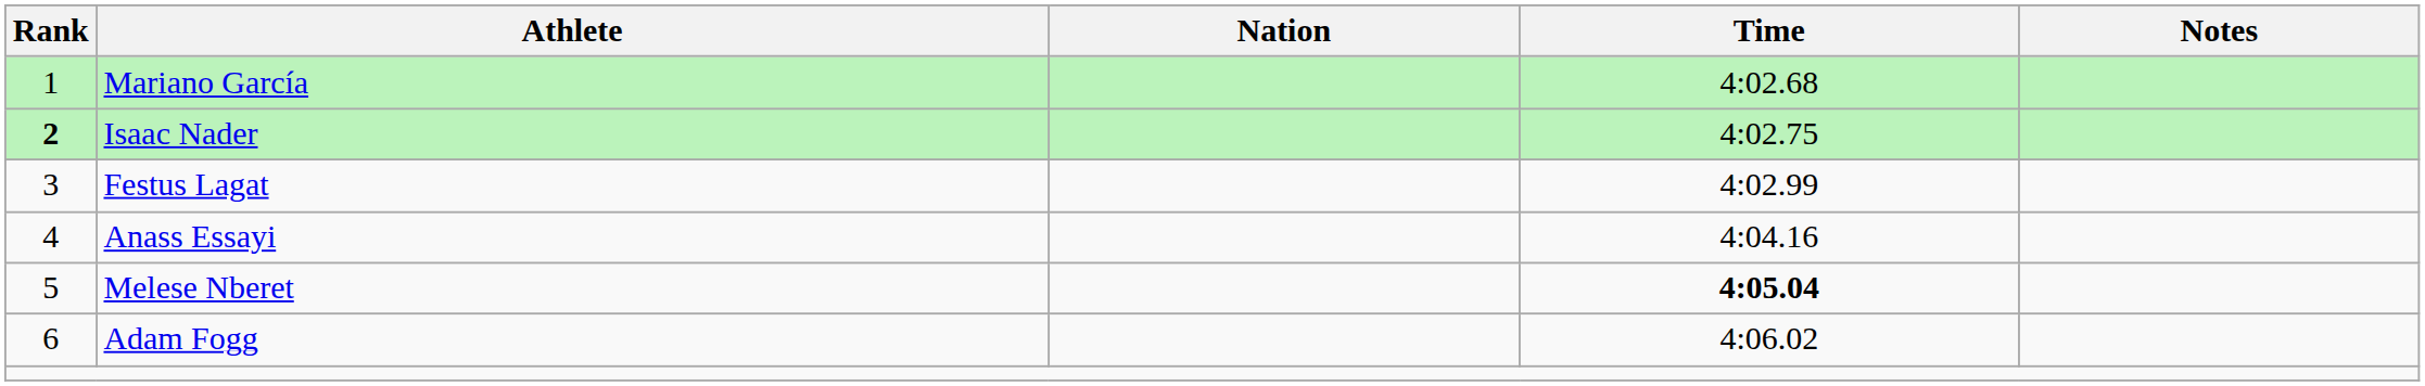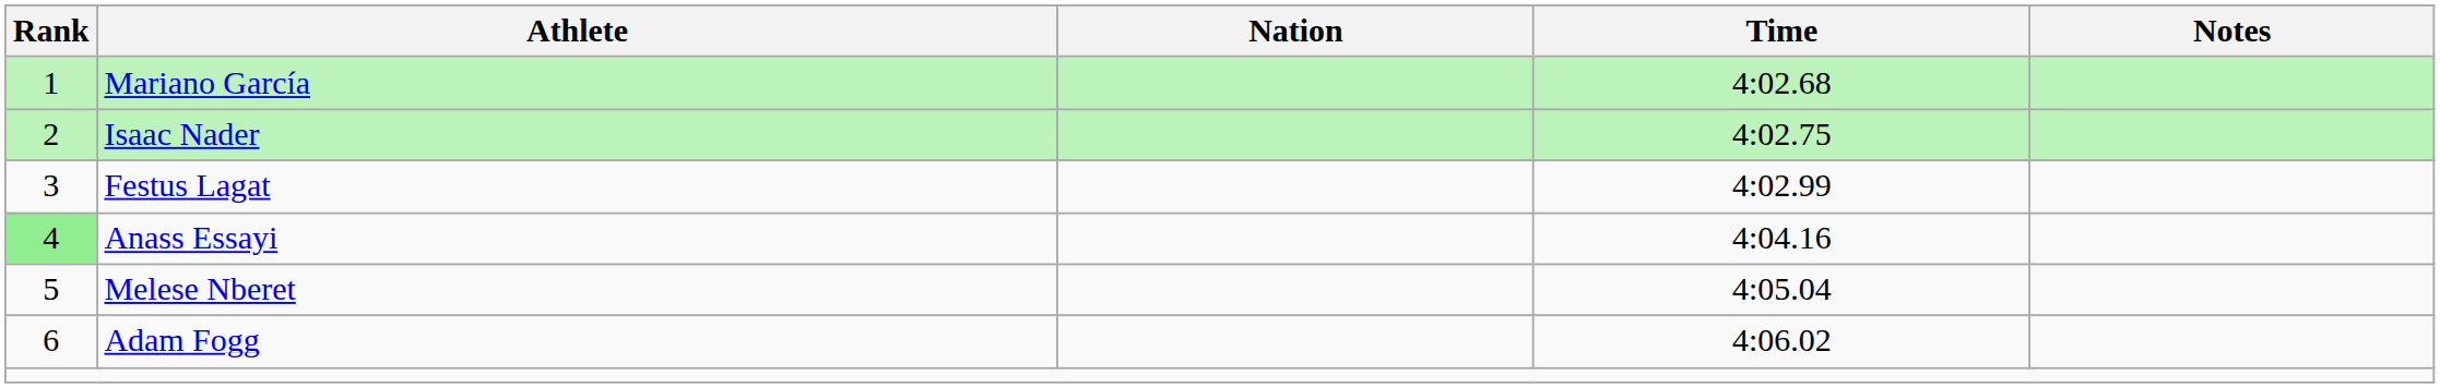 <table class="wikitable sortable" style="text-align:center;width: 60%;">
 <tr>
 <th scope="col" style="width: 10px;">Rank</th>
 <th scope="col">Athlete</th>
 <th scope="col">Nation</th>
 <th scope="col">Time</th>
 <th scope="col">Notes</th>
 </tr>
 <tr bgcolor=bbf3bb>
 <td>1</td>
 <td align=left><a href='#'>Mariano García</a></td>
 <td align=left></td>
 <td>4:02.68</td>
 <td></td>
 </tr>
 <tr bgcolor=bbf3bb>
-<td><strong>2</strong></td>
+<td>2</td>
 <td align=left><a href='#'>Isaac Nader</a></td>
 <td align=left></td>
 <td>4:02.75</td>
 <td></td>
 </tr>
 <tr>
 <td>3</td>
 <td align=left><a href='#'>Festus Lagat</a></td>
 <td align=left></td>
 <td>4:02.99</td>
 <td></td>
 </tr>
 <tr>
-<td>4</td>
+<td style="background: lightgreen;">4</td>
 <td align=left><a href='#'>Anass Essayi</a></td>
 <td align=left></td>
 <td>4:04.16</td>
 <td></td>
 </tr>
 <tr>
 <td>5</td>
 <td align=left><a href='#'>Melese Nberet</a></td>
 <td align=left></td>
-<td><strong>4:05.04</strong></td>
+<td>4:05.04</td>
 <td></td>
 </tr>
 <tr>
 <td>6</td>
 <td align=left><a href='#'>Adam Fogg</a></td>
 <td align=left></td>
 <td>4:06.02</td>
 <td></td>
 </tr>
 <tr class="sortbottom">
 <td colspan="5"></td>
 </tr>
 </table>
